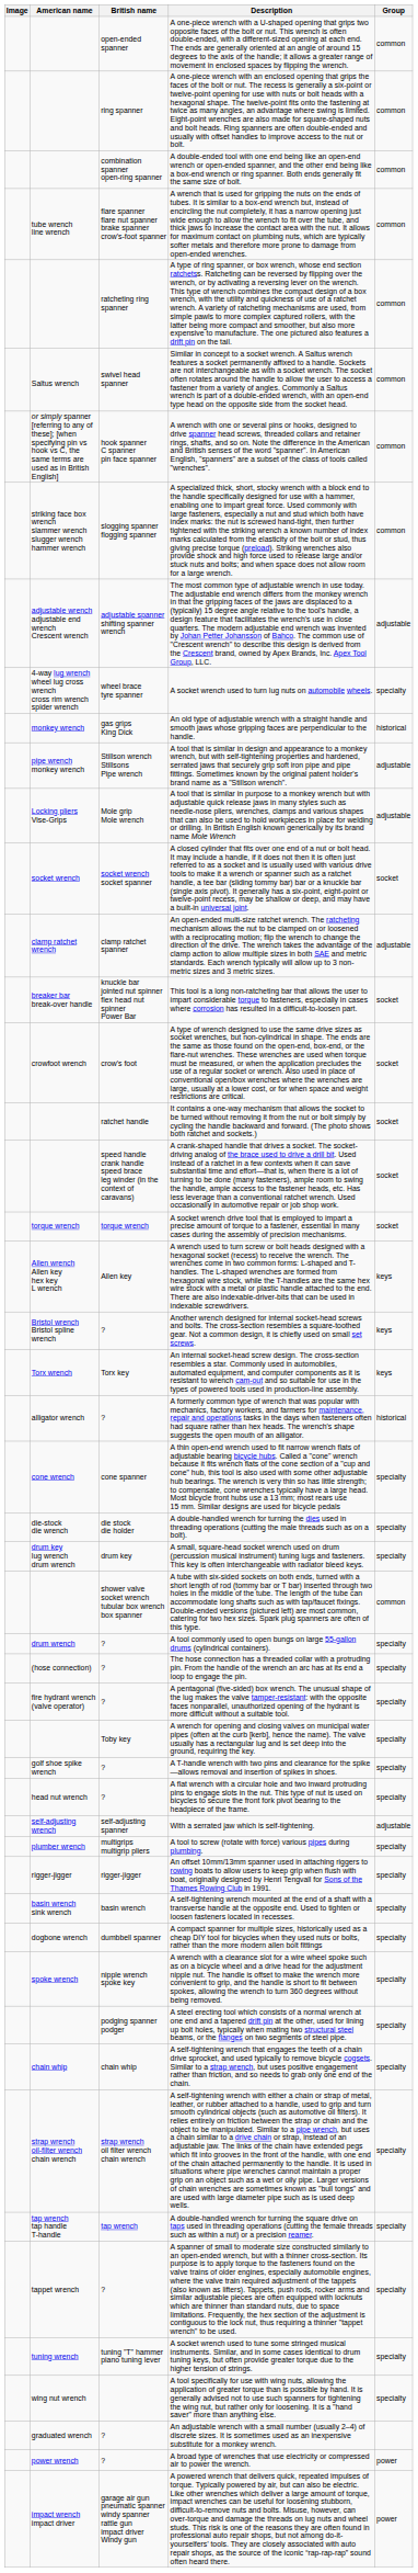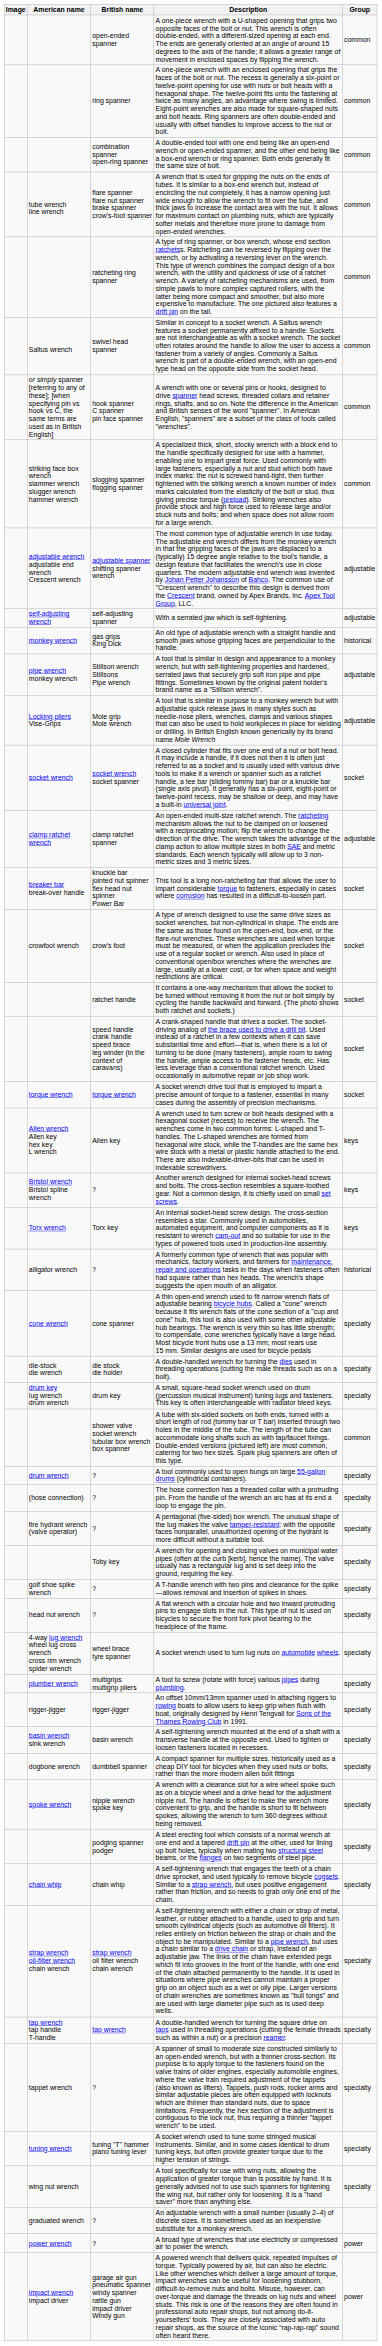 <table class="wikitable sortable">
 <tr>
 <th class="unsortable">Image</th>
 <th style="width: 140px">American name</th>
 <th style="width: 140px">British name</th>
 <th class="unsortable">Description</th>
 <th>Group</th>
 </tr>
 <tr>
 <td></td>
 <td></td>
 <td>open-ended spanner</td>
 <td>A one-piece wrench with a U-shaped opening that grips two opposite faces of the bolt or nut. This wrench is often double-ended, with a different-sized opening at each end. The ends are generally oriented at an angle of around 15 degrees to the axis of the handle; it allows a greater range of movement in enclosed spaces by flipping the wrench.</td>
 <td>common</td>
 </tr>
 <tr>
 <td></td>
 <td></td>
 <td>ring spanner</td>
 <td>A one-piece wrench with an enclosed opening that grips the faces of the bolt or nut. The recess is generally a six-point or twelve-point opening for use with nuts or bolt heads with a hexagonal shape. The twelve-point fits onto the fastening at twice as many angles, an advantage where swing is limited. Eight-point wrenches are also made for square-shaped nuts and bolt heads. Ring spanners are often double-ended and usually with offset handles to improve access to the nut or bolt.</td>
 <td>common</td>
 </tr>
 <tr>
 <td></td>
 <td></td>
 <td>combination spanner<br>open-ring spanner</td>
 <td>A double-ended tool with one end being like an open-end wrench or open-ended spanner, and the other end being like a box-end wrench or ring spanner. Both ends generally fit the same size of bolt.</td>
 <td>common</td>
 </tr>
 <tr>
 <td></td>
 <td><br>tube wrench<br>line wrench</td>
 <td>flare spanner<br>flare nut spanner<br>brake spanner<br>crow's-foot spanner</td>
 <td>A wrench that is used for gripping the nuts on the ends of tubes. It is similar to a box-end wrench but, instead of encircling the nut completely, it has a narrow opening just wide enough to allow the wrench to fit over the tube, and thick jaws to increase the contact area with the nut. It allows for maximum contact on plumbing nuts, which are typically softer metals and therefore more prone to damage from open-ended wrenches.</td>
 <td>common</td>
 </tr>
 <tr>
 <td></td>
 <td></td>
 <td>ratcheting ring spanner</td>
 <td>A type of ring spanner, or box wrench, whose end section <a href='#'>ratchets</a>s.  Ratcheting can be reversed by flipping over the wrench, or by activating a reversing lever on the wrench.  This type of wrench combines the compact design of a box wrench, with the utility and quickness of use of a ratchet wrench. A variety of ratcheting mechanisms are used, from simple pawls to more complex captured rollers, with the latter being more compact and smoother, but also more expensive to manufacture. The one pictured also features a <a href='#'>drift pin</a> on the tail.</td>
 <td>common</td>
 </tr>
 <tr>
 <td></td>
 <td><br>Saltus wrench</td>
 <td>swivel head spanner</td>
 <td>Similar in concept to a socket wrench. A Saltus wrench features a socket permanently affixed to a handle.  Sockets are not interchangeable as with a socket wrench. The socket often rotates around the handle to allow the user to access a fastener from a variety of angles. Commonly a Saltus wrench is part of a double-ended wrench, with an open-end type head on the opposite side from the socket head.</td>
 <td>common</td>
 </tr>
 <tr>
 <td></td>
 <td> <em>or simply</em> spanner [referring to any of these]; [when specifying pin vs hook vs C, the same terms are used as in British English]</td>
 <td> <br> hook spanner <br> C spanner <br> pin face spanner</td>
 <td>A wrench with one or several pins or hooks, designed to drive <a href='#'>spanner</a> head screws, threaded collars and retainer rings, shafts, and so on. Note the difference in the American and British senses of the word "spanner". In American English, "spanners" are a subset of the class of tools called "wrenches".</td>
 <td>common</td>
 </tr>
 <tr>
 <td></td>
 <td>striking face box wrench<br>slammer wrench<br>slugger wrench<br>hammer wrench</td>
 <td>slogging spanner<br>flogging spanner</td>
 <td>A specialized thick, short, stocky wrench with a block end to the handle specifically designed for use with a hammer, enabling one to impart great force.  Used commonly with large fasteners, especially a nut and stud which both have index marks: the nut is screwed hand-tight, then further tightened with the striking wrench a known number of index marks calculated from the elasticity of the bolt or stud, thus giving precise torque (<a href='#'>preload</a>).  Striking wrenches also provide shock and high force used to release large and/or stuck nuts and bolts; and when space does not allow room for a large wrench.</td>
 <td>common</td>
 </tr>
 <tr>
 <td></td>
 <td><a href='#'>adjustable wrench</a><br>adjustable end wrench<br> Crescent wrench</td>
 <td><a href='#'>adjustable spanner</a><br>shifting spanner<br>wrench</td>
 <td>The most common type of adjustable wrench in use today.  The adjustable end wrench differs from the monkey wrench in that the gripping faces of the jaws are displaced to a (typically) 15 degree angle relative to the tool's handle, a design feature that facilitates the wrench's use in close quarters.  The modern adjustable end wrench was invented by <a href='#'>Johan Petter Johansson</a> of <a href='#'>Bahco</a>. The common use of "Crescent wrench" to describe this design is derived from the <a href='#'>Crescent</a> brand, owned by Apex Brands, Inc. <a href='#'>Apex Tool Group</a>, LLC.</td>
 <td>adjustable</td>
 </tr>
 <tr>
 <td></td>
-<td>4-way <a href='#'>lug wrench</a> <br> wheel lug cross wrench <br> cross rim wrench <br> spider wrench</td>
-<td>wheel brace <br> tyre spanner</td>
-<td>A socket wrench used to turn lug nuts on <a href='#'>automobile</a> <a href='#'>wheels</a>.</td>
-<td>specialty</td>
+<td><a href='#'>self-adjusting wrench</a></td>
+<td>self-adjusting spanner</td>
+<td>With a serrated jaw which is self-tightening.</td>
+<td>adjustable</td>
 </tr>
 <tr>
 <td></td>
 <td><a href='#'>monkey wrench</a></td>
 <td>gas grips<br>King Dick</td>
 <td>An old type of adjustable wrench with a straight handle and smooth jaws whose gripping faces are perpendicular to the handle.</td>
 <td>historical</td>
 </tr>
 <tr>
 <td></td>
 <td><a href='#'>pipe wrench</a><br>monkey wrench</td>
 <td>Stillson wrench<br>Stillsons<br>Pipe wrench</td>
 <td>A tool that is similar in design and appearance to a monkey wrench, but with self-tightening properties and hardened, serrated jaws that securely grip soft iron pipe and pipe fittings. Sometimes known by the original patent holder's brand name as a "Stillson wrench".</td>
 <td>adjustable</td>
 </tr>
 <tr>
 <td></td>
 <td><a href='#'>Locking pliers</a><br>Vise-Grips</td>
 <td>Mole grip<br>Mole wrench<br></td>
 <td>A tool that is similar in purpose to a monkey wrench but with adjustable quick release jaws in many styles such as needle-nose pliers, wrenches, clamps and various shapes that can also be used to hold workpieces in place for welding or drilling. In British English known generically by its brand name <em>Mole Wrench</em></td>
 <td>adjustable</td>
 </tr>
 <tr>
 <td></td>
 <td><a href='#'>socket wrench</a></td>
 <td><a href='#'>socket wrench</a><br>socket spanner</td>
 <td>A closed cylinder that fits over one end of a nut or bolt head.  It may include a handle, if it does not then it is often just referred to as a socket and is usually used with various drive tools to make it a wrench or spanner such as a ratchet handle, a tee bar (sliding tommy bar) bar or a knuckle bar (single axis pivot). It generally has a six-point, eight-point or twelve-point recess, may be shallow or deep, and may have a built-in <a href='#'>universal joint</a>.</td>
 <td>socket</td>
 </tr>
 <tr>
 <td></td>
 <td><a href='#'>clamp ratchet wrench</a></td>
 <td>clamp ratchet spanner</td>
 <td>An open-ended multi-size ratchet wrench. The <a href='#'>ratcheting</a> mechanism allows the nut to be clamped on or loosened with a reciprocating motion; flip the wrench to change the direction of the drive. The wrench takes the advantage of the clamp action to allow multiple sizes in both <a href='#'>SAE</a> and metric standards. Each wrench typically will allow up to 3 non-metric sizes and 3 metric sizes.</td>
 <td>adjustable</td>
 </tr>
 <tr>
 <td></td>
 <td><a href='#'>breaker bar</a><br>break-over handle</td>
 <td>knuckle bar<br>jointed nut spinner<br>flex head nut spinner<br>Power Bar</td>
 <td>This tool is a long non-ratcheting bar that allows the user to impart considerable <a href='#'>torque</a> to fasteners, especially in cases where <a href='#'>corrosion</a> has resulted in a difficult-to-loosen part.</td>
 <td>socket</td>
 </tr>
 <tr>
 <td></td>
 <td>crowfoot wrench<br></td>
 <td>crow's foot</td>
 <td>A type of wrench designed to use the same drive sizes as socket wrenches, but non-cylindrical in shape. The ends are the same as those found on the open-end, box-end, or the flare-nut wrenches. These wrenches are used when torque must be measured, or when the application precludes the use of a regular socket or wrench. Also used in place of conventional open/box wrenches where the wrenches are large, usually at a lower cost, or for when space and weight restrictions are critical.</td>
 <td>socket</td>
 </tr>
 <tr>
 <td></td>
 <td></td>
 <td>ratchet handle</td>
 <td>It contains a one-way mechanism that allows the socket to be turned without removing it from the nut or bolt simply by cycling the handle backward and forward. (The photo shows both ratchet and sockets.)</td>
 <td>socket</td>
 </tr>
 <tr>
 <td></td>
 <td><br></td>
 <td>speed handle<br>crank handle<br>speed brace<br>leg winder (in the context of caravans)</td>
 <td>A crank-shaped handle that drives a socket. The socket-driving analog of <a href='#'>the brace used to drive a drill bit</a>. Used instead of a ratchet in a few contexts when it can save substantial time and effort—that is, when there is a lot of turning to be done (many fasteners), ample room to swing the handle, ample access to the fastener heads, etc.  Has less leverage than a conventional ratchet wrench. Used occasionally in automotive repair or job shop work.</td>
 <td>socket</td>
 </tr>
 <tr>
 <td></td>
 <td><a href='#'>torque wrench</a></td>
 <td><a href='#'>torque wrench</a></td>
 <td>A socket wrench drive tool that is employed to impart a precise amount of torque to a fastener, essential in many cases during the assembly of precision mechanisms.</td>
 <td>socket</td>
 </tr>
 <tr>
 <td></td>
 <td><a href='#'>Allen wrench</a><br>Allen key<br>hex key<br>L wrench</td>
 <td>Allen key</td>
 <td>A wrench used to turn screw or bolt heads designed with a hexagonal socket (recess) to receive the wrench. The wrenches come in two common forms: L-shaped and T-handles. The L-shaped wrenches are formed from hexagonal wire stock, while the T-handles are the same hex wire stock with a metal or plastic handle attached to the end. There are also indexable-driver-bits that can be used in indexable screwdrivers.</td>
 <td>keys</td>
 </tr>
 <tr>
 <td></td>
 <td><a href='#'>Bristol wrench</a><br>Bristol spline wrench</td>
 <td>?</td>
 <td>Another wrench designed for internal socket-head screws and bolts. The cross-section resembles a square-toothed gear. Not a common design, it is chiefly used on small <a href='#'>set screws</a>.</td>
 <td>keys</td>
 </tr>
 <tr>
 <td></td>
 <td><a href='#'>Torx wrench</a></td>
 <td>Torx key</td>
 <td>An internal socket-head screw design. The cross-section resembles a star. Commonly used in automobiles, automated equipment, and computer components as it is resistant to wrench <a href='#'>cam-out</a> and so suitable for use in the types of powered tools used in production-line assembly.</td>
 <td>keys</td>
 </tr>
 <tr>
 <td></td>
 <td>alligator wrench</td>
 <td>?</td>
 <td>A formerly common type of wrench that was popular with mechanics, factory workers, and farmers for <a href='#'>maintenance, repair and operations</a> tasks in the days when fasteners often had square rather than hex heads. The wrench's shape suggests the open mouth of an alligator.</td>
 <td>historical</td>
 </tr>
 <tr>
 <td></td>
 <td><a href='#'>cone wrench</a></td>
 <td>cone spanner</td>
 <td>A thin open-end wrench used to fit narrow wrench flats of adjustable bearing <a href='#'>bicycle hubs</a>.  Called a "cone" wrench because it fits wrench flats of the cone section of a "cup and cone" hub, this tool is also used with some other adjustable hub bearings.  The wrench is very thin so has little strength; to compensate, cone wrenches typically have a large head.  Most bicycle front hubs use a 13 mm; most rears use 15 mm. Similar designs are used for bicycle pedals</td>
 <td>specialty</td>
 </tr>
 <tr>
 <td></td>
 <td>die-stock<br>die wrench</td>
 <td>die stock<br>die holder</td>
 <td>A double-handled wrench for turning the <a href='#'>dies</a> used in threading operations (cutting the male threads such as on a bolt).</td>
 <td>specialty</td>
 </tr>
 <tr>
 <td></td>
 <td><a href='#'>drum key</a> <br> lug wrench <br> drum wrench</td>
 <td>drum key</td>
 <td>A small, square-head socket wrench used on drum (percussion musical instrument) tuning lugs and fasteners. This key is often interchangeable with radiator bleed keys.</td>
 <td>specialty</td>
 </tr>
 <tr>
 <td></td>
 <td></td>
 <td>shower valve socket wrench<br>tubular box wrench<br>box spanner <br></td>
 <td>A tube with six-sided sockets on both ends, turned with a short length of rod (tommy bar or T bar) inserted through two holes in the middle of the tube. The length of the tube can accommodate long shafts such as with tap/faucet fixings. Double-ended versions (pictured left) are most common, catering for two hex sizes. Spark plug spanners are often of this type.</td>
 <td>common</td>
 </tr>
 <tr>
 <td></td>
 <td><a href='#'>drum wrench</a> <br> </td>
 <td>?</td>
 <td>A tool commonly used to open bungs on large <a href='#'>55-gallon drums</a> (cylindrical containers).</td>
 <td>specialty</td>
 </tr>
 <tr>
 <td></td>
 <td> (hose connection)</td>
 <td>?</td>
 <td>The hose connection has a threaded collar with a protruding pin. From the handle of the wrench an arc has at its end a loop to engage the pin.</td>
 <td>specialty</td>
 </tr>
 <tr>
 <td></td>
 <td>fire hydrant wrench (valve operator)</td>
 <td>?</td>
 <td>A pentagonal (five-sided) box wrench. The unusual shape of the lug makes the valve <a href='#'>tamper-resistant</a>: with the opposite faces nonparallel, unauthorized opening of the hydrant is more difficult without a suitable tool.</td>
 <td>specialty</td>
 </tr>
 <tr>
 <td></td>
 <td></td>
 <td>Toby key</td>
 <td>A wrench for opening and closing valves on municipal water pipes (often at the curb [kerb], hence the name). The valve usually has a rectangular lug and is set deep into the ground, requiring the key.</td>
 <td>specialty</td>
 </tr>
 <tr>
 <td></td>
 <td>golf shoe spike wrench</td>
 <td>?</td>
 <td>A T-handle wrench with two pins and clearance for the spike—allows removal and insertion of spikes in shoes.</td>
 <td>specialty</td>
 </tr>
 <tr>
 <td></td>
 <td>head nut wrench</td>
 <td>?</td>
 <td>A flat wrench with a circular hole and two inward protruding pins to engage slots in the nut. This type of nut is used on bicycles to secure the front fork pivot bearing to the headpiece of the frame.</td>
 <td>specialty</td>
 </tr>
 <tr>
 <td></td>
-<td><a href='#'>self-adjusting wrench</a></td>
-<td>self-adjusting spanner</td>
-<td>With a serrated jaw which is self-tightening.</td>
-<td>adjustable</td>
+<td>4-way <a href='#'>lug wrench</a> <br> wheel lug cross wrench <br> cross rim wrench <br> spider wrench</td>
+<td>wheel brace <br> tyre spanner</td>
+<td>A socket wrench used to turn lug nuts on <a href='#'>automobile</a> <a href='#'>wheels</a>.</td>
+<td>specialty</td>
 </tr>
 <tr>
 <td></td>
 <td><a href='#'>plumber wrench</a></td>
 <td>multigrips <br> multigrip pliers</td>
 <td>A tool to screw (rotate with force) various <a href='#'>pipes</a> during <a href='#'>plumbing</a>.</td>
 <td>specialty</td>
 </tr>
 <tr>
 <td></td>
 <td>rigger-jigger</td>
 <td>rigger-jigger</td>
 <td>An offset 10mm/13mm spanner used in attaching riggers to <a href='#'>rowing</a> boats to allow users to keep grip when flush with boat, originally designed by Henri Tengvall for <a href='#'>Sons of the Thames Rowing Club</a> in 1991.</td>
 <td>specialty</td>
 </tr>
 <tr>
 <td></td>
 <td><a href='#'>basin wrench</a><br>sink wrench</td>
 <td>basin wrench</td>
 <td>A self-tightening wrench mounted at the end of a shaft with a transverse handle at the opposite end. Used to tighten or loosen fasteners located in recesses.</td>
 <td>specialty</td>
 </tr>
 <tr>
 <td></td>
 <td>dogbone wrench</td>
 <td>dumbbell spanner</td>
 <td>A compact spanner for multiple sizes, historically used as a cheap DIY tool for bicycles when they used nuts or bolts, rather than the more modern allen bolt fittings</td>
 <td>specialty</td>
 </tr>
 <tr>
 <td></td>
 <td><a href='#'>spoke wrench</a></td>
 <td>nipple wrench <br> spoke key</td>
 <td>A wrench with a clearance slot for a wire wheel spoke such as on a bicycle wheel and a drive head for the adjustment nipple nut.  The handle is offset to make the wrench more convenient to grip, and the handle is short to fit between spokes, allowing the wrench to turn 360 degrees without being removed.</td>
 <td>specialty</td>
 </tr>
 <tr>
 <td></td>
 <td></td>
 <td>podging spanner<br>podger</td>
 <td>A steel erecting tool which consists of a normal wrench at one end and a  tapered <a href='#'>drift pin</a> at the other, used for lining up bolt holes, typically when mating two <a href='#'>structural steel</a> beams, or the <a href='#'>flanges</a> on two segments of steel pipe.</td>
 <td>specialty</td>
 </tr>
 <tr>
 <td></td>
 <td><a href='#'>chain whip</a></td>
 <td>chain whip</td>
 <td>A self-tightening wrench that engages the teeth of a chain drive sprocket, and used typically to remove bicycle <a href='#'>cogsets</a>.  Similar to a <a href='#'>strap wrench</a>, but uses positive engagement rather than friction, and so needs to grab only one end of the chain.</td>
 <td>specialty</td>
 </tr>
 <tr>
 <td><br></td>
 <td><a href='#'>strap wrench</a><br><a href='#'>oil-filter wrench</a><br>chain wrench</td>
 <td><a href='#'>strap wrench</a><br>oil filter wrench <br> chain wrench</td>
 <td>A self-tightening wrench with either a chain or strap of metal, leather, or rubber attached to a handle, used to grip and turn smooth cylindrical objects (such as automotive oil filters). It relies entirely on friction between the strap or chain and the object to be manipulated.  Similar to a <a href='#'>pipe wrench</a>, but uses a chain similar to a <a href='#'>drive chain</a> or strap, instead of an adjustable jaw. The links of the chain have extended pegs which fit into grooves in the front of the handle, with one end of the chain attached permanently to the handle. It is used in situations where pipe wrenches cannot maintain a proper grip on an object such as a wet or oily pipe.  Larger versions of chain wrenches are sometimes known as "bull tongs" and are used with large diameter pipe such as is used deep wells.</td>
 <td>specialty</td>
 </tr>
 <tr>
 <td></td>
 <td><a href='#'>tap wrench</a><br>tap handle<br>T-handle</td>
 <td><a href='#'>tap wrench</a></td>
 <td>A double-handled wrench for turning the square drive on <a href='#'>taps</a> used in threading operations (cutting the female threads such as within a nut) or a precision <a href='#'>reamer</a>.</td>
 <td>specialty</td>
 </tr>
 <tr>
 <td></td>
 <td>tappet wrench</td>
 <td>?</td>
 <td>A spanner of small to moderate size constructed similarly to an open-ended wrench, but with a thinner cross-section.  Its purpose is to apply torque to the fasteners found on the valve trains of older engines, especially automobile engines, where the valve train required adjustment of the tappets (also known as lifters).  Tappets, push rods, rocker arms and similar adjustable pieces are often equipped with locknuts which are thinner than standard nuts, due to space limitations.  Frequently, the hex section of the adjustment is contiguous to the lock nut, thus requiring a thinner "tappet wrench" to be used.</td>
 <td>specialty</td>
 </tr>
 <tr>
 <td></td>
 <td><a href='#'>tuning wrench</a></td>
 <td>tuning "T" hammer <br> piano tuning lever</td>
 <td>A socket wrench used to tune some stringed musical instruments. Similar, and in some cases identical to drum tuning keys, but often provide greater torque due to the higher tension of strings.</td>
 <td>specialty</td>
 </tr>
 <tr>
 <td></td>
 <td>wing nut wrench</td>
 <td></td>
 <td>A tool specifically for use with wing nuts, allowing the application of greater torque than is possible by hand.  It is generally advised not to use such spanners for tightening the wing nut, but rather only for loosening. It is a "hand saver" more than anything else.</td>
 <td>specialty</td>
 </tr>
 <tr>
 <td></td>
 <td>graduated wrench</td>
 <td>?</td>
 <td>An adjustable wrench with a small number (usually 2–4) of discrete sizes. It is sometimes used as an inexpensive substitute for a monkey wrench.</td>
 <td></td>
 </tr>
 <tr>
 <td></td>
 <td><a href='#'>power wrench</a></td>
 <td>?</td>
 <td>A broad type of wrenches that use electricity or compressed air to power the wrench.</td>
 <td>power</td>
 </tr>
 <tr>
 <td></td>
 <td><a href='#'>impact wrench</a> <br> impact driver</td>
 <td>garage air gun<br>pneumatic spanner<br>windy spanner<br>rattle gun<br>impact driver<br>Windy gun</td>
 <td>A powered wrench that delivers quick, repeated impulses of torque.  Typically powered by air, but can also be electric.  Like other wrenches which deliver a large amount of torque, impact wrenches can be useful for loosening stubborn, difficult-to-remove nuts and bolts. Misuse, however, can over-torque and damage the threads on lug nuts and wheel studs. This risk is one of the reasons they are often found in professional auto repair shops, but not among do-it-yourselfers’ tools. They are closely associated with auto repair shops, as the source of the iconic “rap-rap-rap” sound often heard there.</td>
 <td>power</td>
 </tr>
 </table>
